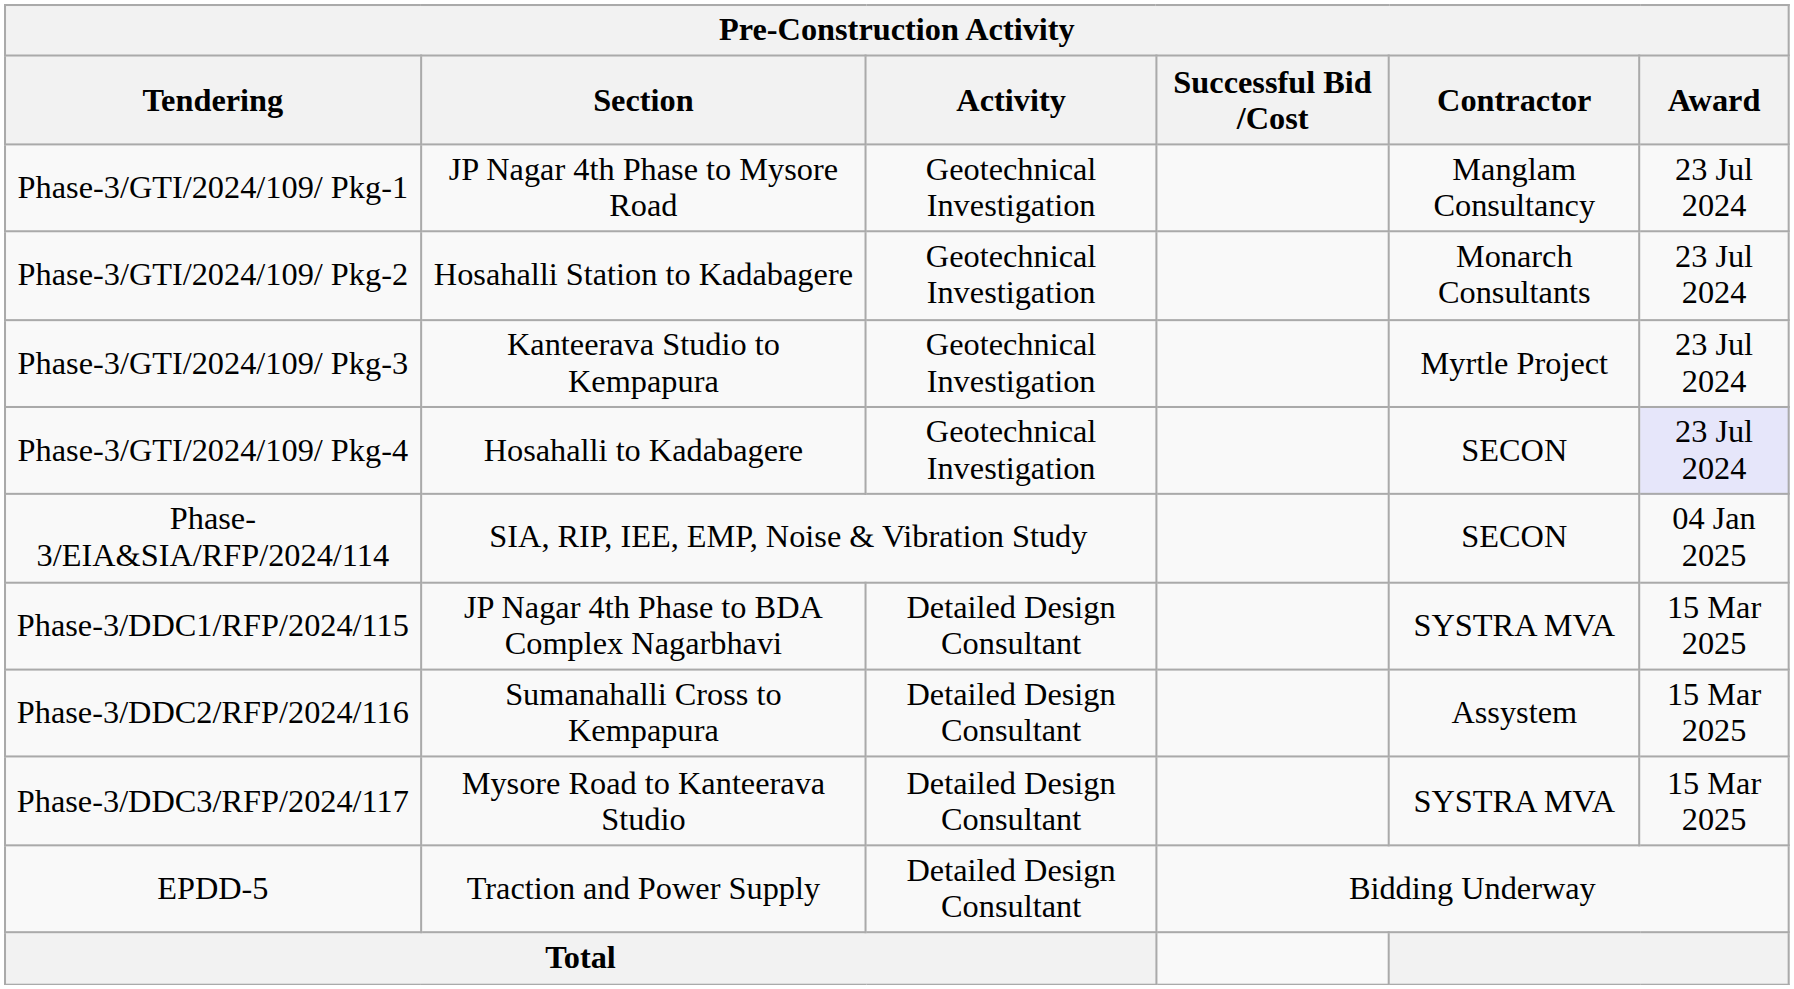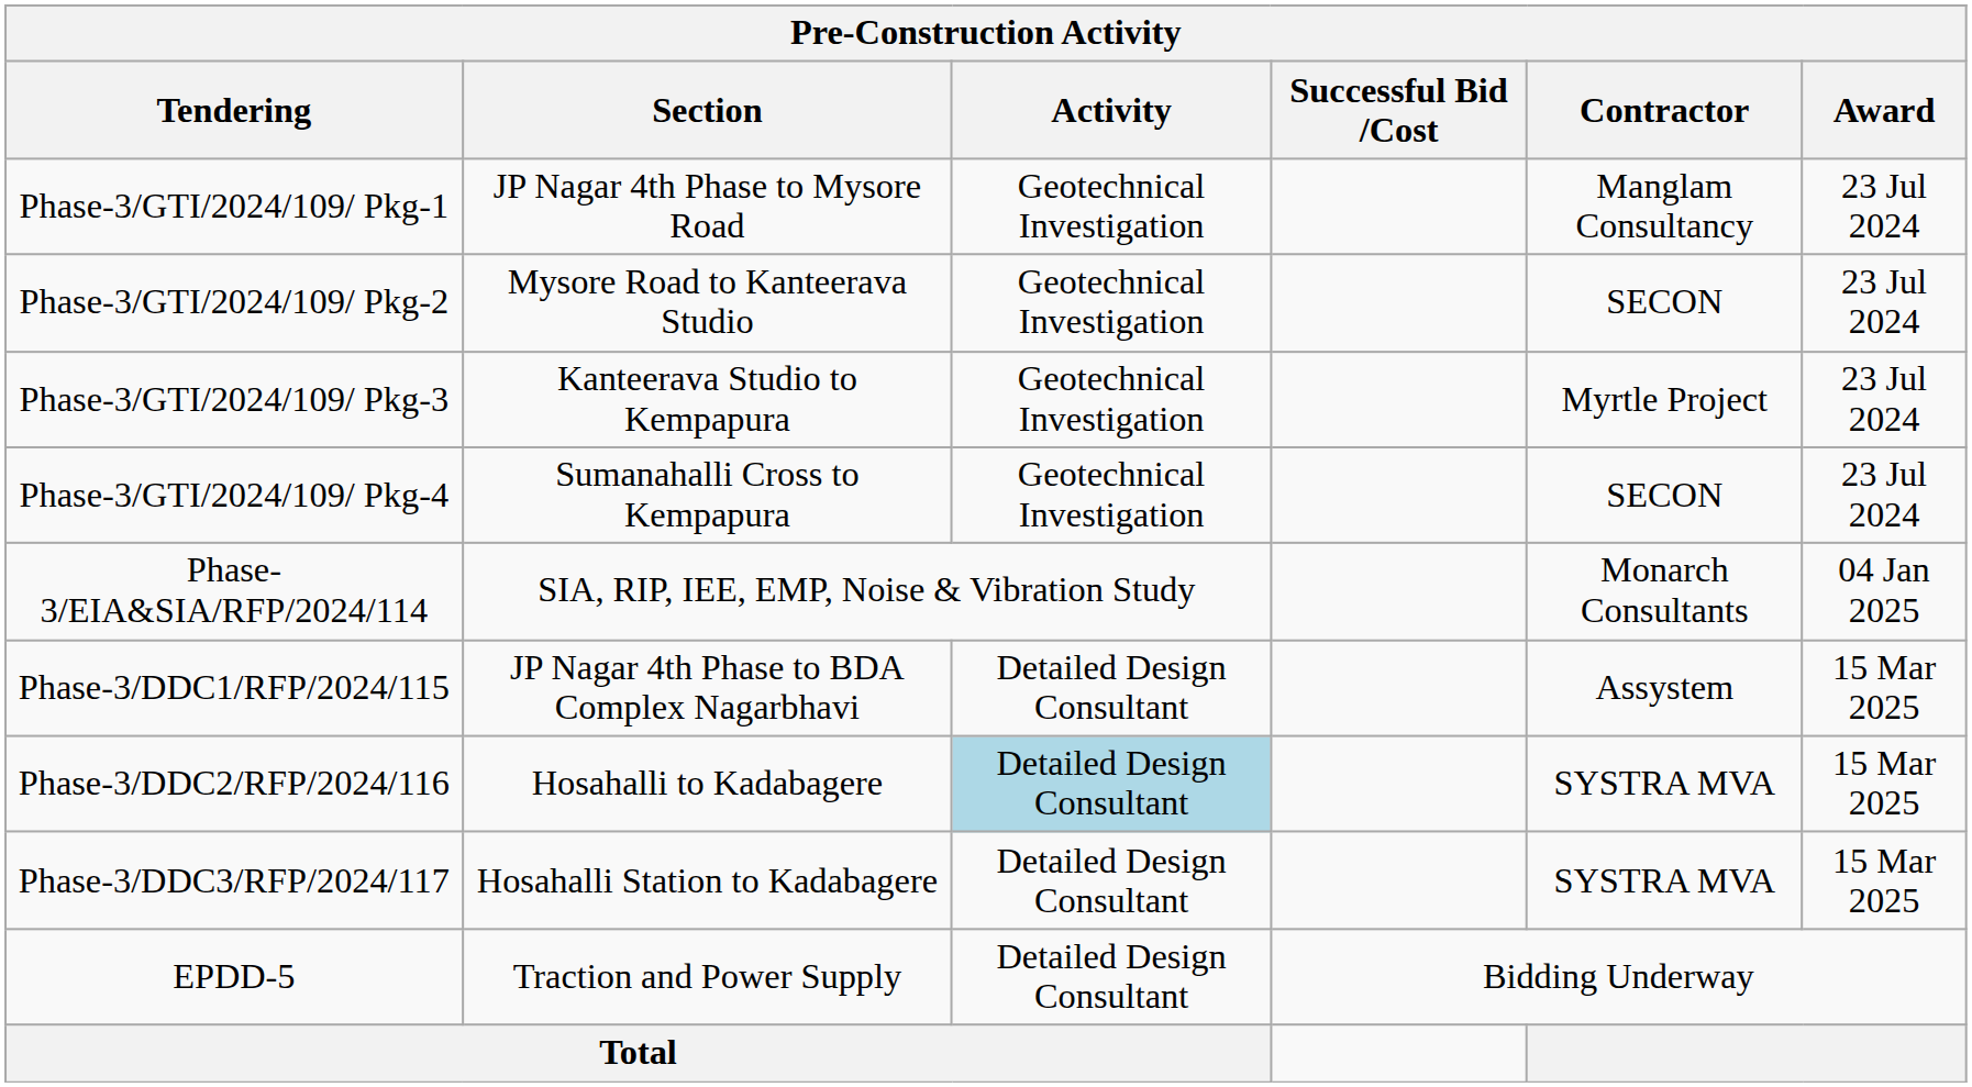 <table class="wikitable" style="text-align:center;margin:auto;">
 <tr>
 <th colspan="6" align="center" style="background:#"><span><strong>Pre-Construction Activity</strong></span></th>
 </tr>
 <tr>
 <th>Tendering</th>
 <th>Section</th>
 <th>Activity</th>
 <th>Successful Bid /Cost</th>
 <th>Contractor</th>
 <th>Award</th>
 </tr>
 <tr>
 <td>Phase-3/GTI/2024/109/ Pkg-1</td>
 <td>JP Nagar 4th Phase to Mysore Road</td>
 <td>Geotechnical Investigation</td>
 <td></td>
 <td>Manglam Consultancy</td>
 <td>23 Jul 2024</td>
 </tr>
 <tr>
 <td>Phase-3/GTI/2024/109/ Pkg-2</td>
-<td>Hosahalli Station to Kadabagere</td>
+<td>Mysore Road  to Kanteerava Studio</td>
 <td>Geotechnical Investigation</td>
 <td></td>
-<td>Monarch Consultants</td>
+<td>SECON</td>
 <td>23 Jul 2024</td>
 </tr>
 <tr>
 <td>Phase-3/GTI/2024/109/ Pkg-3</td>
 <td>Kanteerava Studio to Kempapura</td>
 <td>Geotechnical Investigation</td>
 <td></td>
 <td>Myrtle Project</td>
 <td>23 Jul 2024</td>
 </tr>
 <tr>
 <td>Phase-3/GTI/2024/109/ Pkg-4</td>
-<td>Hosahalli to Kadabagere</td>
+<td>Sumanahalli Cross to Kempapura</td>
 <td>Geotechnical Investigation</td>
 <td></td>
 <td>SECON</td>
-<td style="background: lavender;">23 Jul 2024</td>
+<td>23 Jul 2024</td>
 </tr>
 <tr>
 <td>Phase-3/EIA&SIA/RFP/2024/114</td>
 <td colspan="2">SIA, RIP, IEE, EMP, Noise & Vibration Study</td>
 <td></td>
-<td>SECON</td>
+<td>Monarch Consultants</td>
 <td>04 Jan 2025</td>
 </tr>
 <tr>
 <td>Phase-3/DDC1/RFP/2024/115</td>
 <td>JP Nagar 4th Phase to BDA Complex Nagarbhavi</td>
 <td>Detailed Design Consultant</td>
 <td></td>
+<td>Assystem</td>
+<td>15 Mar 2025</td>
+</tr>
+<tr>
+<td>Phase-3/DDC2/RFP/2024/116</td>
+<td>Hosahalli to Kadabagere</td>
+<td style="background: lightblue;">Detailed Design Consultant</td>
+<td></td>
 <td>SYSTRA MVA</td>
 <td>15 Mar 2025</td>
 </tr>
 <tr>
-<td>Phase-3/DDC2/RFP/2024/116</td>
-<td>Sumanahalli Cross to Kempapura</td>
-<td>Detailed Design Consultant</td>
-<td></td>
-<td>Assystem</td>
-<td>15 Mar 2025</td>
-</tr>
-<tr>
 <td>Phase-3/DDC3/RFP/2024/117</td>
-<td>Mysore Road  to Kanteerava Studio</td>
+<td>Hosahalli Station to Kadabagere</td>
 <td>Detailed Design Consultant</td>
 <td></td>
 <td>SYSTRA MVA</td>
 <td>15 Mar 2025</td>
 </tr>
 <tr>
 <td>EPDD-5</td>
 <td>Traction and Power Supply</td>
 <td>Detailed Design Consultant</td>
 <td colspan="3">Bidding Underway</td>
 </tr>
 <tr>
 <th colspan="3">Total</th>
 <td></td>
 <th colspan="2"></th>
 </tr>
 </table>
